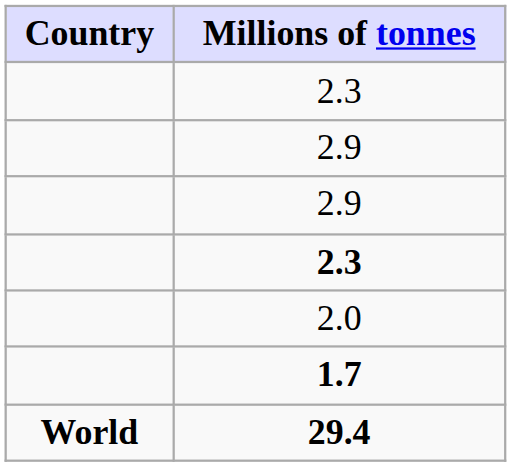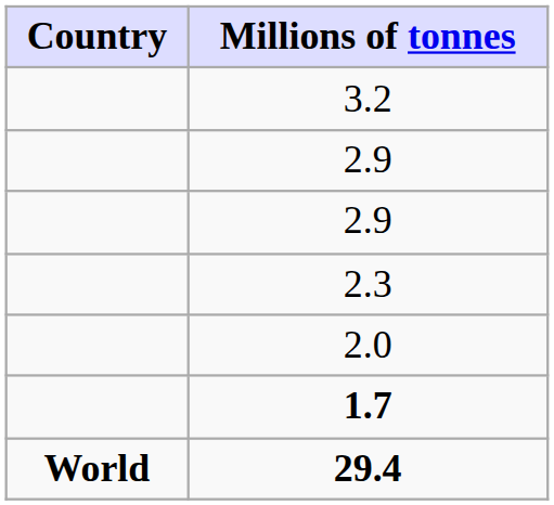 <table class="wikitable" style="float:right; clear:right; width:14em; text-align:center; margin-right:1em;">
 <tr>
 <th style="background:#ddf;">Country</th>
 <th style="background:#ddf;">Millions of <a href='#'>tonnes</a></th>
 </tr>
 <tr>
 <td></td>
-<td>2.3</td>
+<td>3.2</td>
 </tr>
 <tr>
 <td></td>
 <td>2.9</td>
 </tr>
 <tr>
 <td></td>
 <td>2.9</td>
 </tr>
 <tr>
 <td></td>
-<td><strong>2.3</strong></td>
+<td>2.3</td>
 </tr>
 <tr>
 <td></td>
 <td>2.0</td>
 </tr>
 <tr>
 <td></td>
 <td><strong>1.7</strong></td>
 </tr>
 <tr>
 <td><strong>World</strong></td>
 <td><strong>29.4</strong></td>
 </tr>
 </table>
